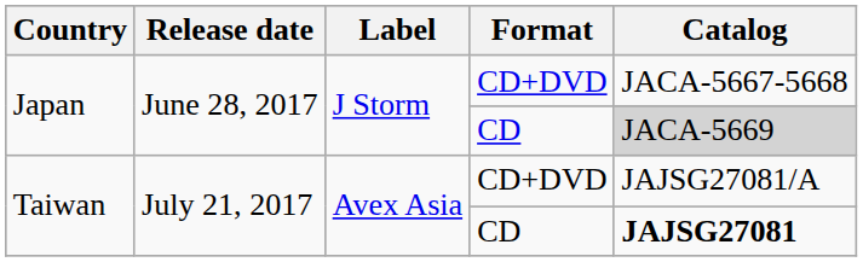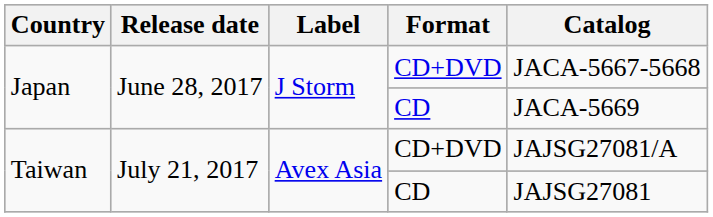 <table class="wikitable">
 <tr>
 <th>Country</th>
 <th>Release date</th>
 <th>Label</th>
 <th>Format</th>
 <th>Catalog</th>
 </tr>
 <tr>
 <td rowspan="2">Japan</td>
 <td rowspan="2">June 28, 2017</td>
 <td rowspan="2"><a href='#'>J Storm</a></td>
 <td><a href='#'>CD+DVD</a></td>
 <td>JACA-5667-5668</td>
 </tr>
 <tr>
 <td><a href='#'>CD</a></td>
-<td style="background: lightgrey;">JACA-5669</td>
+<td>JACA-5669</td>
 </tr>
 <tr>
 <td rowspan="2">Taiwan</td>
 <td rowspan="2">July 21, 2017</td>
 <td rowspan="2"><a href='#'>Avex Asia</a></td>
 <td>CD+DVD</td>
 <td>JAJSG27081/A</td>
 </tr>
 <tr>
 <td>CD</td>
-<td><strong>JAJSG27081</strong></td>
+<td>JAJSG27081</td>
 </tr>
 </table>
